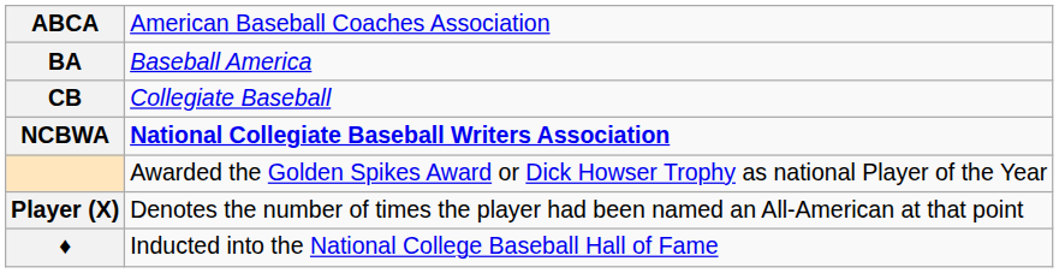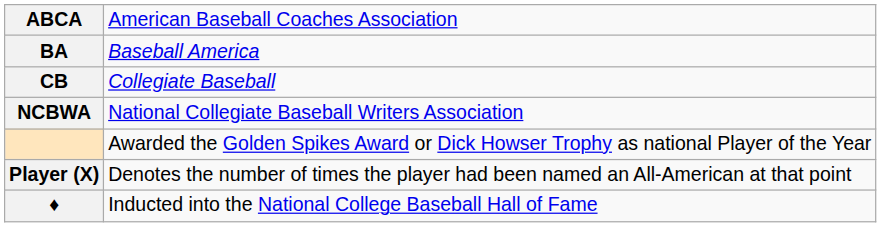 <table class="wikitable">
 <tr>
 <th scope="row">ABCA</th>
 <td><a href='#'>American Baseball Coaches Association</a></td>
 </tr>
 <tr>
 <th scope="row">BA</th>
 <td><em><a href='#'>Baseball America</a></em></td>
 </tr>
 <tr>
 <th scope="row">CB</th>
 <td><em><a href='#'>Collegiate Baseball</a></em></td>
 </tr>
 <tr>
 <th scope="row">NCBWA</th>
-<td><strong><a href='#'>National Collegiate Baseball Writers Association</a></strong></td>
+<td><a href='#'>National Collegiate Baseball Writers Association</a></td>
 </tr>
 <tr>
 <th scope="row" style="background:#ffe6bd;"></th>
 <td>Awarded the <a href='#'>Golden Spikes Award</a> or <a href='#'>Dick Howser Trophy</a> as national Player of the Year</td>
 </tr>
 <tr>
 <th scope="row">Player (X)</th>
 <td>Denotes the number of times the player had been named an All-American at that point</td>
 </tr>
 <tr>
 <th scope="row">♦</th>
 <td>Inducted into the <a href='#'>National College Baseball Hall of Fame</a></td>
 </tr>
 </table>
